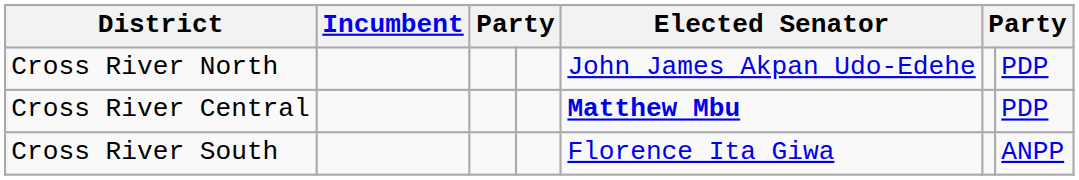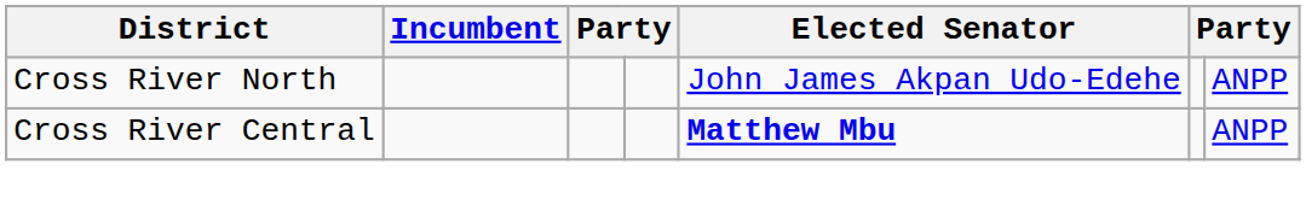 <table class="sortable wikitable" style="font-size:95%;line-height:14px;">
 <tr>
 <th class="unsortable">District</th>
 <th class="unsortable"><a href='#'>Incumbent</a></th>
 <th colspan="2">Party</th>
 <th class="unsortable">Elected Senator</th>
 <th colspan="2">Party</th>
 </tr>
 <tr>
 <td>Cross River North</td>
 <td></td>
 <td></td>
 <td></td>
 <td><a href='#'>John James Akpan Udo-Edehe</a></td>
 <td style="background:"></td>
-<td><a href='#'>PDP</a></td>
+<td><a href='#'>ANPP</a></td>
 </tr>
 <tr>
 <td>Cross River Central</td>
 <td></td>
 <td></td>
 <td></td>
 <td><strong><a href='#'>Matthew Mbu</a></strong></td>
 <td style="background:"></td>
-<td><a href='#'>PDP</a></td>
-</tr>
-<tr>
-<td>Cross River South</td>
-<td></td>
-<td></td>
-<td></td>
-<td><a href='#'>Florence Ita Giwa</a></td>
-<td style="background:"></td>
 <td><a href='#'>ANPP</a></td>
 </tr>
 </table>
